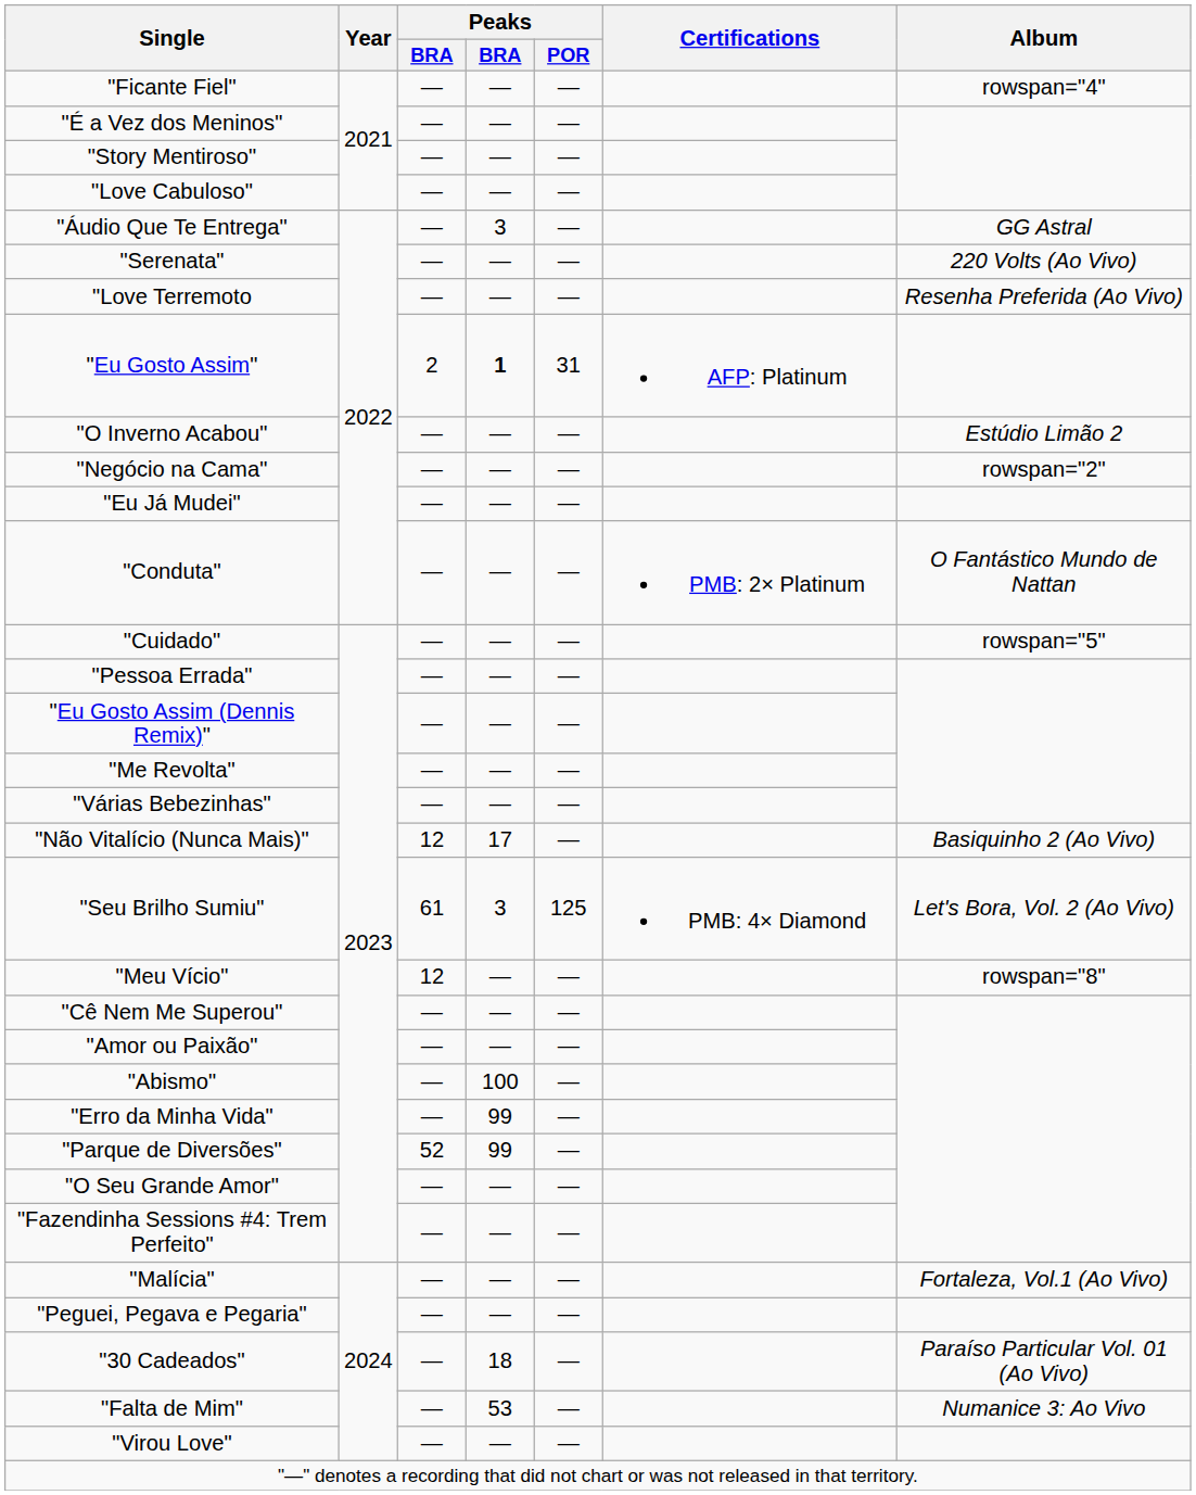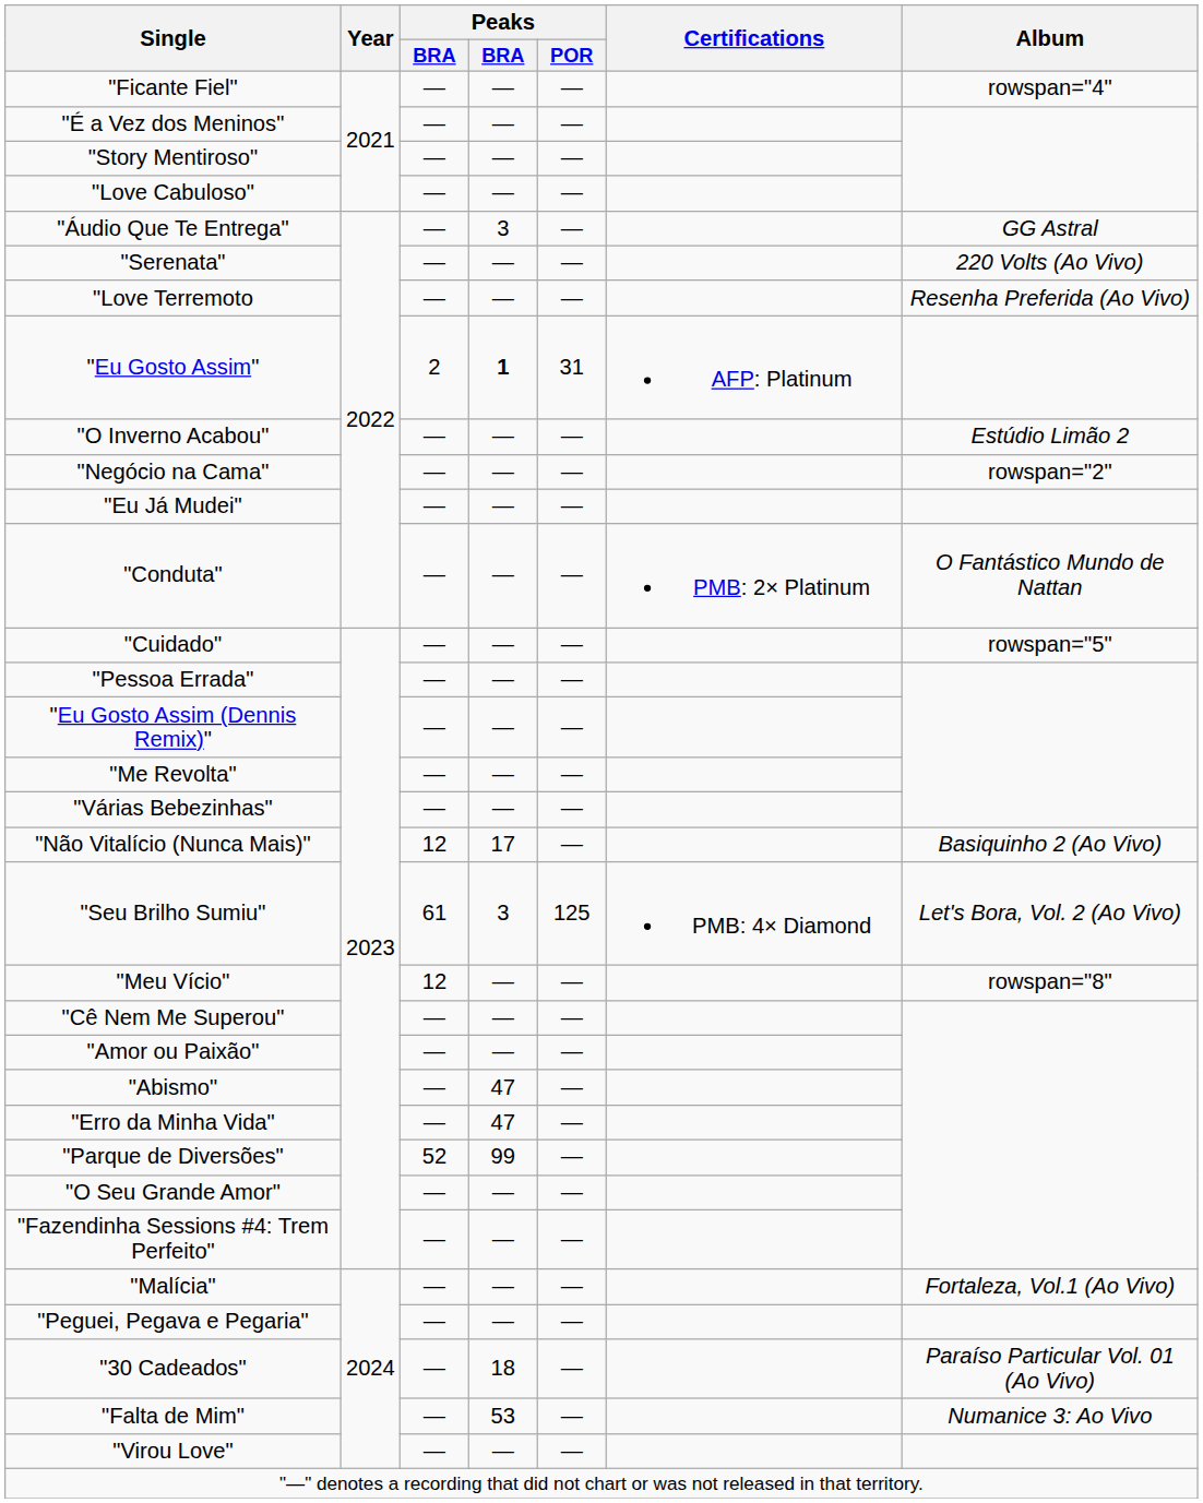 <table class="wikitable plainrowheaders" style="text-align:center;">
 <tr>
 <th rowspan="2" align="center">Single</th>
 <th rowspan="2" align="center">Year</th>
 <th colspan="3">Peaks</th>
 <th rowspan="2" style="width:13em;"><a href='#'>Certifications</a></th>
 <th rowspan="2" align="center">Album</th>
 </tr>
 <tr>
 <th scope="col" style="width:3em;font-size:90%;"><a href='#'>BRA</a></th>
 <th scope="col" style="width:3em;font-size:90%;"><a href='#'>BRA<br></a></th>
 <th scope="col" style="width:3em;font-size:90%;"><a href='#'>POR</a></th>
 </tr>
 <tr>
 <td>"Ficante Fiel" </td>
 <td rowspan="4">2021</td>
 <td>—</td>
 <td>—</td>
 <td>—</td>
 <td></td>
 <td>rowspan="4" </td>
 </tr>
 <tr>
 <td>"É a Vez dos Meninos" </td>
 <td>—</td>
 <td>—</td>
 <td>—</td>
 <td></td>
 </tr>
 <tr>
 <td>"Story Mentiroso" </td>
 <td>—</td>
 <td>—</td>
 <td>—</td>
 <td></td>
 </tr>
 <tr>
 <td>"Love Cabuloso" </td>
 <td>—</td>
 <td>—</td>
 <td>—</td>
 <td></td>
 </tr>
 <tr>
 <td>"Áudio Que Te Entrega" </td>
 <td rowspan="8">2022</td>
 <td>—</td>
 <td>3 </td>
 <td>—</td>
 <td></td>
 <td><em>GG Astral</em></td>
 </tr>
 <tr>
 <td>"Serenata" </td>
 <td>—</td>
 <td>—</td>
 <td>—</td>
 <td></td>
 <td><em>220 Volts (Ao Vivo)</em></td>
 </tr>
 <tr>
 <td>"Love Terremoto </td>
 <td>—</td>
 <td>—</td>
 <td>—</td>
 <td></td>
 <td><em>Resenha Preferida (Ao Vivo)</em></td>
 </tr>
 <tr>
 <td>"<a href='#'>Eu Gosto Assim</a>" </td>
 <td>2</td>
 <td><strong>1</strong> </td>
 <td>31</td>
 <td><br><ul><li><a href='#'>AFP</a>: Platinum</li></ul></td>
 <td></td>
 </tr>
 <tr>
 <td>"O Inverno Acabou" </td>
 <td>—</td>
 <td>—</td>
 <td>—</td>
 <td></td>
 <td><em>Estúdio Limão 2</em></td>
 </tr>
 <tr>
 <td>"Negócio na Cama" </td>
 <td>—</td>
 <td>—</td>
 <td>—</td>
 <td></td>
 <td>rowspan="2" </td>
 </tr>
 <tr>
 <td>"Eu Já Mudei" </td>
 <td>—</td>
 <td>—</td>
 <td>—</td>
 <td></td>
 </tr>
 <tr>
 <td>"Conduta" </td>
 <td>—</td>
 <td>—</td>
 <td>—</td>
 <td><br><ul><li><a href='#'>PMB</a>: 2× Platinum</li></ul></td>
 <td><em>O Fantástico Mundo de Nattan</em></td>
 </tr>
 <tr>
 <td>"Cuidado" </td>
 <td rowspan="15">2023</td>
 <td>—</td>
 <td>—</td>
 <td>—</td>
 <td></td>
 <td>rowspan="5" </td>
 </tr>
 <tr>
 <td>"Pessoa Errada" </td>
 <td>—</td>
 <td>—</td>
 <td>—</td>
 <td></td>
 </tr>
 <tr>
 <td>"<a href='#'>Eu Gosto Assim (Dennis Remix)</a>" </td>
 <td>—</td>
 <td>—</td>
 <td>—</td>
 <td></td>
 </tr>
 <tr>
 <td>"Me Revolta" </td>
 <td>—</td>
 <td>—</td>
 <td>—</td>
 <td></td>
 </tr>
 <tr>
 <td>"Várias Bebezinhas" </td>
 <td>—</td>
 <td>—</td>
 <td>—</td>
 <td></td>
 </tr>
 <tr>
 <td>"Não Vitalício (Nunca Mais)" </td>
 <td>12</td>
 <td>17 </td>
 <td>—</td>
 <td></td>
 <td><em>Basiquinho 2 (Ao Vivo)</em></td>
 </tr>
 <tr>
 <td>"Seu Brilho Sumiu" </td>
 <td>61</td>
 <td>3 </td>
 <td>125</td>
 <td><br><ul><li>PMB: 4× Diamond</li></ul></td>
 <td><em>Let's Bora, Vol. 2 (Ao Vivo)</em></td>
 </tr>
 <tr>
 <td>"Meu Vício" </td>
 <td>12</td>
 <td>—</td>
 <td>—</td>
 <td></td>
 <td>rowspan="8" </td>
 </tr>
 <tr>
 <td>"Cê Nem Me Superou" </td>
 <td>—</td>
 <td>—</td>
 <td>—</td>
 <td></td>
 </tr>
 <tr>
 <td>"Amor ou Paixão" </td>
 <td>—</td>
 <td>—</td>
 <td>—</td>
 <td></td>
 </tr>
 <tr>
 <td>"Abismo" </td>
 <td>—</td>
-<td>100 </td>
+<td>47 </td>
 <td>—</td>
 <td></td>
 </tr>
 <tr>
 <td>"Erro da Minha Vida" </td>
 <td>—</td>
-<td>99 </td>
+<td>47 </td>
 <td>—</td>
 <td></td>
 </tr>
 <tr>
 <td>"Parque de Diversões" </td>
 <td>52 </td>
 <td>99 </td>
 <td>—</td>
 <td></td>
 </tr>
 <tr>
 <td>"O Seu Grande Amor" </td>
 <td>—</td>
 <td>—</td>
 <td>—</td>
 <td></td>
 </tr>
 <tr>
 <td>"Fazendinha Sessions #4: Trem Perfeito" </td>
 <td>—</td>
 <td>—</td>
 <td>—</td>
 <td></td>
 </tr>
 <tr>
 <td>"Malícia" </td>
 <td rowspan="5">2024</td>
 <td>—</td>
 <td>—</td>
 <td>—</td>
 <td></td>
 <td><em>Fortaleza, Vol.1 (Ao Vivo)</em></td>
 </tr>
 <tr>
 <td>"Peguei, Pegava e Pegaria" </td>
 <td>—</td>
 <td>—</td>
 <td>—</td>
 <td></td>
 <td></td>
 </tr>
 <tr>
 <td>"30 Cadeados" </td>
 <td>—</td>
 <td>18 </td>
 <td>—</td>
 <td></td>
 <td><em>Paraíso Particular Vol. 01 (Ao Vivo)</em></td>
 </tr>
 <tr>
 <td>"Falta de Mim" </td>
 <td>—</td>
 <td>53 </td>
 <td>—</td>
 <td></td>
 <td><em>Numanice 3: Ao Vivo</em></td>
 </tr>
 <tr>
 <td>"Virou Love" </td>
 <td>—</td>
 <td>—</td>
 <td>—</td>
 <td></td>
 <td></td>
 </tr>
 <tr>
 <td colspan="8" style="font-size:85%">"—" denotes a recording that did not chart or was not released in that territory.</td>
 </tr>
 </table>
